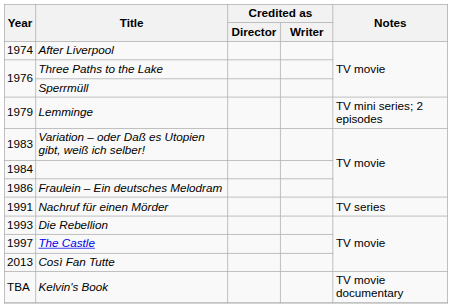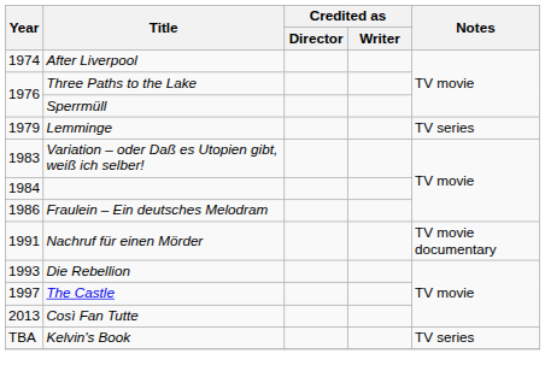 <table class="wikitable">
 <tr>
 <th rowspan="2">Year</th>
 <th rowspan="2">Title</th>
 <th colspan="2">Credited as</th>
 <th rowspan="2'">Notes</th>
 </tr>
 <tr>
 <th width=65>Director</th>
 <th width=65>Writer</th>
 </tr>
 <tr>
 <td>1974</td>
 <td><em>After Liverpool</em></td>
 <td></td>
 <td></td>
 <td rowspan="3">TV movie</td>
 </tr>
 <tr>
 <td rowspan="2">1976</td>
 <td><em>Three Paths to the Lake</em></td>
 <td></td>
 <td></td>
 </tr>
 <tr>
 <td><em>Sperrmüll</em></td>
 <td></td>
 <td></td>
 </tr>
 <tr>
 <td>1979</td>
 <td><em>Lemminge</em></td>
 <td></td>
 <td></td>
-<td>TV mini series; 2 episodes</td>
+<td>TV series </td>
 </tr>
 <tr>
 <td>1983</td>
 <td><em>Variation – oder Daß es Utopien gibt, weiß ich selber!</em></td>
 <td></td>
 <td></td>
 <td rowspan="3">TV movie</td>
 </tr>
 <tr>
 <td>1984</td>
 <td><em></em></td>
 <td></td>
 <td></td>
 </tr>
 <tr>
 <td>1986</td>
 <td><em>Fraulein – Ein deutsches Melodram</em></td>
 <td></td>
 <td></td>
 </tr>
 <tr>
 <td>1991</td>
 <td><em>Nachruf für einen Mörder</em></td>
 <td></td>
 <td></td>
-<td>TV series </td>
+<td>TV movie documentary</td>
 </tr>
 <tr>
 <td>1993</td>
 <td><em>Die Rebellion</em></td>
 <td></td>
 <td></td>
 <td rowspan="3">TV movie</td>
 </tr>
 <tr>
 <td>1997</td>
 <td><em><a href='#'>The Castle</a></em></td>
 <td></td>
 <td></td>
 </tr>
 <tr>
 <td>2013</td>
 <td><em>Così Fan Tutte</em></td>
 <td></td>
 <td></td>
 </tr>
 <tr>
 <td>TBA</td>
 <td><em>Kelvin's Book</em></td>
 <td></td>
 <td></td>
-<td>TV movie documentary</td>
+<td>TV series </td>
 </tr>
 <tr>
 </tr>
 </table>
